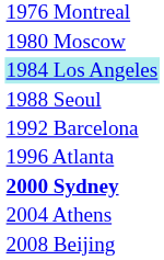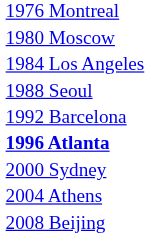 <table>
 <tr>
 <td><a href='#'>1976 Montreal</a><br></td>
 <td></td>
 <td></td>
 <td></td>
 </tr>
 <tr>
 <td><a href='#'>1980 Moscow</a><br></td>
 <td></td>
 <td></td>
 <td></td>
 </tr>
 <tr>
-<td style="background: paleturquoise;"><a href='#'>1984 Los Angeles</a><br></td>
+<td><a href='#'>1984 Los Angeles</a><br></td>
 <td></td>
 <td></td>
 <td></td>
 </tr>
 <tr>
 <td><a href='#'>1988 Seoul</a><br></td>
 <td></td>
 <td></td>
 <td></td>
 </tr>
 <tr>
 <td><a href='#'>1992 Barcelona</a><br></td>
 <td></td>
 <td></td>
 <td></td>
 </tr>
 <tr>
-<td><a href='#'>1996 Atlanta</a><br></td>
+<td><strong><a href='#'>1996 Atlanta</a><br></strong></td>
 <td></td>
 <td></td>
 <td></td>
 </tr>
 <tr>
-<td><strong><a href='#'>2000 Sydney</a><br></strong></td>
+<td><a href='#'>2000 Sydney</a><br></td>
 <td></td>
 <td></td>
 <td></td>
 </tr>
 <tr>
 <td><a href='#'>2004 Athens</a><br></td>
 <td></td>
 <td></td>
 <td></td>
 </tr>
 <tr>
 <td><a href='#'>2008 Beijing</a><br></td>
 <td></td>
 <td></td>
 <td></td>
 </tr>
 </table>
